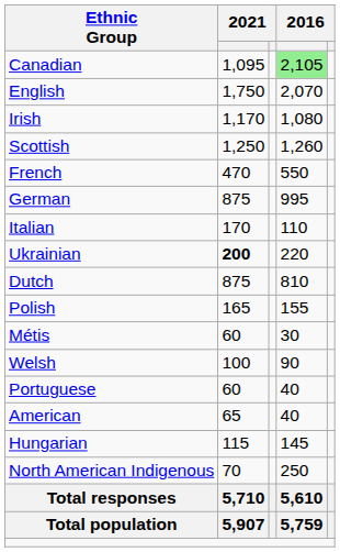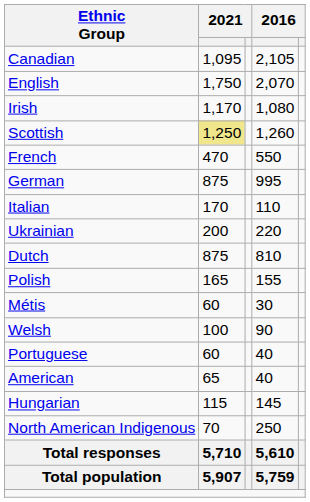 <table class="wikitable collapsible sortable">
 <tr>
 <th rowspan="2"><a href='#'>Ethnic</a><br>Group</th>
 <th colspan="2">2021</th>
 <th colspan="2">2016</th>
 </tr>
 <tr>
 <th><a href='#'></a></th>
 <th></th>
 <th><a href='#'></a></th>
 <th></th>
 </tr>
 <tr>
 <td><a href='#'>Canadian</a></td>
 <td>1,095</td>
 <td></td>
-<td style="background: lightgreen;">2,105</td>
+<td>2,105</td>
 <td></td>
 </tr>
 <tr>
 <td><a href='#'>English</a></td>
 <td>1,750</td>
 <td></td>
 <td>2,070</td>
 <td></td>
 </tr>
 <tr>
 <td><a href='#'>Irish</a></td>
 <td>1,170</td>
 <td></td>
 <td>1,080</td>
 <td></td>
 </tr>
 <tr>
 <td><a href='#'>Scottish</a></td>
-<td>1,250</td>
+<td style="background: khaki;">1,250</td>
 <td></td>
 <td>1,260</td>
 <td></td>
 </tr>
 <tr>
 <td><a href='#'>French</a></td>
 <td>470</td>
 <td></td>
 <td>550</td>
 <td></td>
 </tr>
 <tr>
 <td><a href='#'>German</a></td>
 <td>875</td>
 <td></td>
 <td>995</td>
 <td></td>
 </tr>
 <tr>
 <td><a href='#'>Italian</a></td>
 <td>170</td>
 <td></td>
 <td>110</td>
 <td></td>
 </tr>
 <tr>
 <td><a href='#'>Ukrainian</a></td>
-<td><strong>200</strong></td>
+<td>200</td>
 <td></td>
 <td>220</td>
 <td></td>
 </tr>
 <tr>
 <td><a href='#'>Dutch</a></td>
 <td>875</td>
 <td></td>
 <td>810</td>
 <td></td>
 </tr>
 <tr>
 <td><a href='#'>Polish</a></td>
 <td>165</td>
 <td></td>
 <td>155</td>
 <td></td>
 </tr>
 <tr>
 <td><a href='#'>Métis</a></td>
 <td>60</td>
 <td></td>
 <td>30</td>
 <td></td>
 </tr>
 <tr>
 <td><a href='#'>Welsh</a></td>
 <td>100</td>
 <td></td>
 <td>90</td>
 <td></td>
 </tr>
 <tr>
 <td><a href='#'>Portuguese</a></td>
 <td>60</td>
 <td></td>
 <td>40</td>
 <td></td>
 </tr>
 <tr>
 <td><a href='#'>American</a></td>
 <td>65</td>
 <td></td>
 <td>40</td>
 <td></td>
 </tr>
 <tr>
 <td><a href='#'>Hungarian</a></td>
 <td>115</td>
 <td></td>
 <td>145</td>
 <td></td>
 </tr>
 <tr>
 <td><a href='#'>North American Indigenous</a></td>
 <td>70</td>
 <td></td>
 <td>250</td>
 <td></td>
 </tr>
 <tr>
 <th>Total responses</th>
 <th>5,710</th>
 <th></th>
 <th>5,610</th>
 <th></th>
 </tr>
 <tr>
 <th>Total population</th>
 <th>5,907</th>
 <th></th>
 <th>5,759</th>
 <th></th>
 </tr>
 <tr class="sortbottom">
 <td colspan="15"></td>
 </tr>
 </table>
